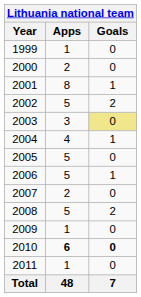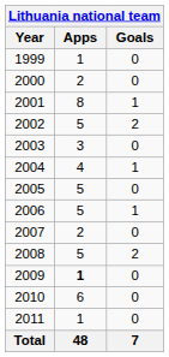 <table class="wikitable" style="text-align:center">
 <tr>
 <th colspan=3><a href='#'>Lithuania national team</a></th>
 </tr>
 <tr>
 <th>Year</th>
 <th>Apps</th>
 <th>Goals</th>
 </tr>
 <tr>
 <td>1999</td>
 <td>1</td>
 <td>0</td>
 </tr>
 <tr>
 <td>2000</td>
 <td>2</td>
 <td>0</td>
 </tr>
 <tr>
 <td>2001</td>
 <td>8</td>
 <td>1</td>
 </tr>
 <tr>
 <td>2002</td>
 <td>5</td>
 <td>2</td>
 </tr>
 <tr>
 <td>2003</td>
 <td>3</td>
-<td style="background: khaki;">0</td>
+<td>0</td>
 </tr>
 <tr>
 <td>2004</td>
 <td>4</td>
 <td>1</td>
 </tr>
 <tr>
 <td>2005</td>
 <td>5</td>
 <td>0</td>
 </tr>
 <tr>
 <td>2006</td>
 <td>5</td>
 <td>1</td>
 </tr>
 <tr>
 <td>2007</td>
 <td>2</td>
 <td>0</td>
 </tr>
 <tr>
 <td>2008</td>
 <td>5</td>
 <td>2</td>
 </tr>
 <tr>
 <td>2009</td>
-<td>1</td>
+<td><strong>1</strong></td>
 <td>0</td>
 </tr>
 <tr>
 <td>2010</td>
-<td><strong>6</strong></td>
-<td><strong>0</strong></td>
+<td>6</td>
+<td>0</td>
 </tr>
 <tr>
 <td>2011</td>
 <td>1</td>
 <td>0</td>
 </tr>
 <tr>
 <th>Total</th>
 <th>48</th>
 <th>7</th>
 </tr>
 </table>
